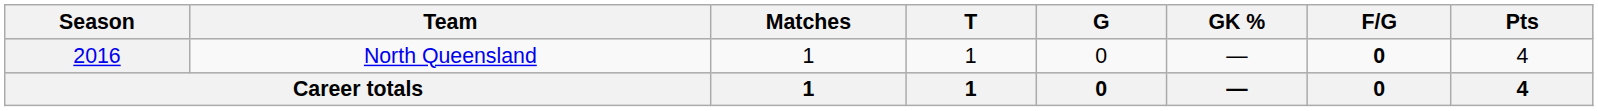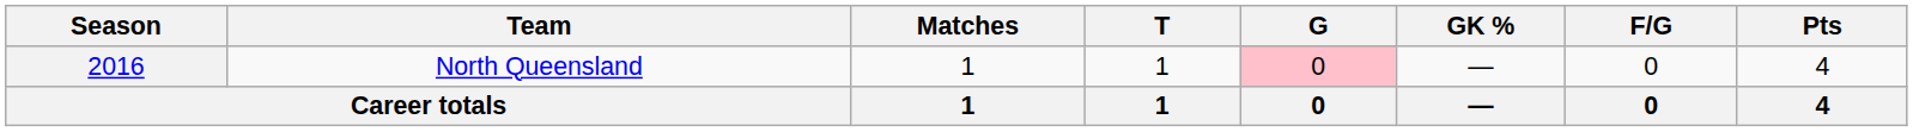 <table class="wikitable sortable"  style="font-size:90%; text-align:center; width:85%;">
 <tr>
 <th width=2%>Season</th>
 <th width=8%>Team</th>
 <th width=2%>Matches</th>
 <th width=2%>T</th>
 <th width=2%>G</th>
 <th width=2%>GK %</th>
 <th width=2%>F/G</th>
 <th width=2%>Pts</th>
 </tr>
 <tr>
 <th scope="row" style="text-align:center; font-weight:normal"><a href='#'>2016</a></th>
 <td style="text-align:center;"> <a href='#'>North Queensland</a></td>
 <td>1</td>
 <td>1</td>
+<td style="background: pink;">0</td>
+<td>—</td>
 <td>0</td>
-<td>—</td>
-<td><strong>0</strong></td>
 <td>4</td>
 </tr>
 <tr class="sortbottom">
 <th colspan=2>Career totals</th>
 <th>1</th>
 <th>1</th>
 <th>0</th>
 <th>—</th>
 <th>0</th>
 <th>4</th>
 </tr>
 </table>
